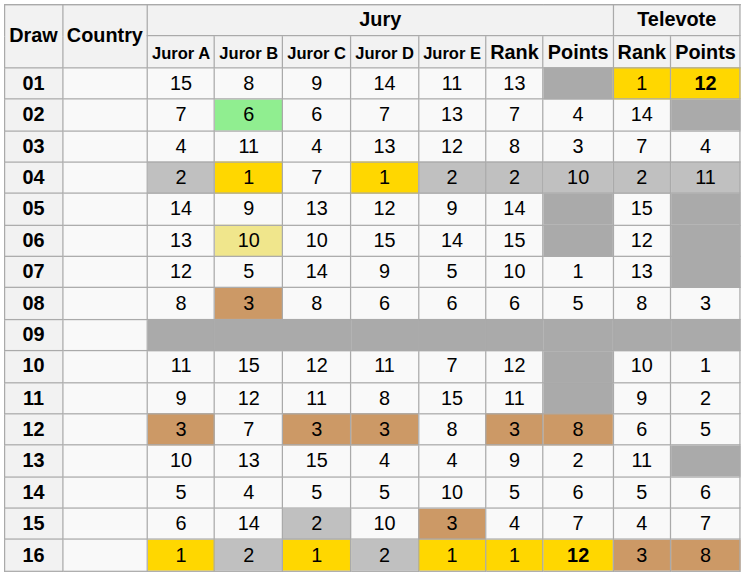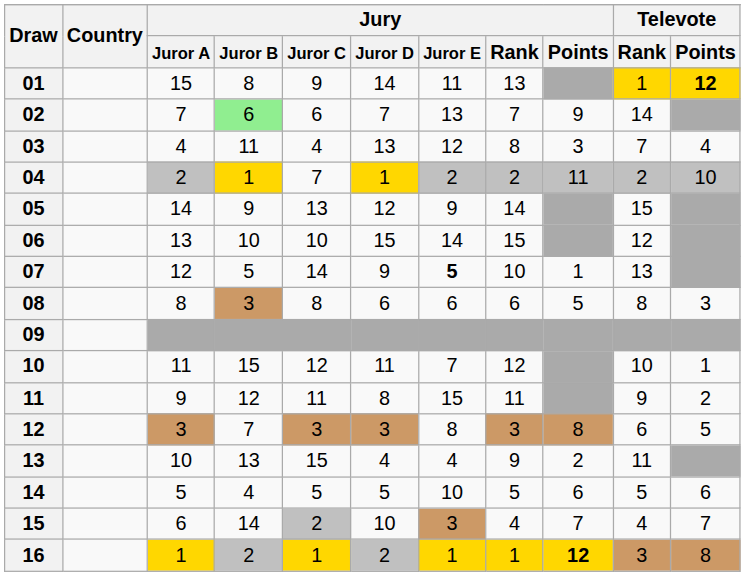 <table class="sortable wikitable collapsible plainrowheaders" style="text-align:center;">
 <tr>
 </tr>
 <tr>
 <th scope="col" rowspan="2">Draw</th>
 <th scope="col" rowspan="2">Country</th>
 <th scope="col" colspan="7">Jury</th>
 <th scope="col" colspan="2">Televote</th>
 </tr>
 <tr>
 <th scope="col"><small>Juror A</small></th>
 <th scope="col"><small>Juror B</small></th>
 <th scope="col"><small>Juror C</small></th>
 <th scope="col"><small>Juror D</small></th>
 <th scope="col"><small>Juror E</small></th>
 <th scope="col">Rank</th>
 <th scope="col">Points</th>
 <th scope="col">Rank</th>
 <th scope="col">Points</th>
 </tr>
 <tr>
 <th scope="row" style="text-align:center;">01</th>
 <td style="text-align:left;"></td>
 <td>15</td>
 <td>8</td>
 <td>9</td>
 <td>14</td>
 <td>11</td>
 <td>13</td>
 <td style="background:#AAAAAA;"></td>
 <td style="background:gold;">1</td>
 <td style="background:gold;"><strong>12</strong></td>
 </tr>
 <tr>
 <th scope="row" style="text-align:center;">02</th>
 <td style="text-align:left;"></td>
 <td>7</td>
 <td style="background: lightgreen;">6</td>
 <td>6</td>
 <td>7</td>
 <td>13</td>
 <td>7</td>
-<td>4</td>
+<td>9</td>
 <td>14</td>
 <td style="background:#AAAAAA;"></td>
 </tr>
 <tr>
 <th scope="row" style="text-align:center;">03</th>
 <td style="text-align:left;"></td>
 <td>4</td>
 <td>11</td>
 <td>4</td>
 <td>13</td>
 <td>12</td>
 <td>8</td>
 <td>3</td>
 <td>7</td>
 <td>4</td>
 </tr>
 <tr>
 <th scope="row" style="text-align:center;">04</th>
 <td style="text-align:left;"></td>
 <td style="background:silver;">2</td>
 <td style="background:gold;">1</td>
 <td>7</td>
 <td style="background:gold;">1</td>
 <td style="background:silver;">2</td>
 <td style="background:silver;">2</td>
+<td style="background:silver;">11</td>
+<td style="background:silver;">2</td>
 <td style="background:silver;">10</td>
-<td style="background:silver;">2</td>
-<td style="background:silver;">11</td>
 </tr>
 <tr>
 <th scope="row" style="text-align:center;">05</th>
 <td style="text-align:left;"></td>
 <td>14</td>
 <td>9</td>
 <td>13</td>
 <td>12</td>
 <td>9</td>
 <td>14</td>
 <td style="background:#AAAAAA;"></td>
 <td>15</td>
 <td style="background:#AAAAAA;"></td>
 </tr>
 <tr>
 <th scope="row" style="text-align:center;">06</th>
 <td style="text-align:left;"></td>
 <td>13</td>
-<td style="background: khaki;">10</td>
+<td>10</td>
 <td>10</td>
 <td>15</td>
 <td>14</td>
 <td>15</td>
 <td style="background:#AAAAAA;"></td>
 <td>12</td>
 <td style="background:#AAAAAA;"></td>
 </tr>
 <tr>
 <th scope="row" style="text-align:center;">07</th>
 <td style="text-align:left;"></td>
 <td>12</td>
 <td>5</td>
 <td>14</td>
 <td>9</td>
-<td>5</td>
+<td><strong>5</strong></td>
 <td>10</td>
 <td>1</td>
 <td>13</td>
 <td style="background:#AAAAAA;"></td>
 </tr>
 <tr>
 <th scope="row" style="text-align:center;">08</th>
 <td style="text-align:left;"></td>
 <td>8</td>
 <td style="background:#CC9966;">3</td>
 <td>8</td>
 <td>6</td>
 <td>6</td>
 <td>6</td>
 <td>5</td>
 <td>8</td>
 <td>3</td>
 </tr>
 <tr class="sortbottom">
 <th scope="row" style="text-align:center;">09</th>
 <td style="text-align:left;"></td>
 <td style="background:#AAAAAA;"></td>
 <td style="background:#AAAAAA;"></td>
 <td style="background:#AAAAAA;"></td>
 <td style="background:#AAAAAA;"></td>
 <td style="background:#AAAAAA;"></td>
 <td style="background:#AAAAAA;"></td>
 <td style="background:#AAAAAA;"></td>
 <td style="background:#AAAAAA;"></td>
 <td style="background:#AAAAAA;"></td>
 </tr>
 <tr>
 <th scope="row" style="text-align:center;">10</th>
 <td style="text-align:left;"></td>
 <td>11</td>
 <td>15</td>
 <td>12</td>
 <td>11</td>
 <td>7</td>
 <td>12</td>
 <td style="background:#AAAAAA;"></td>
 <td>10</td>
 <td>1</td>
 </tr>
 <tr>
 <th scope="row" style="text-align:center;">11</th>
 <td style="text-align:left;"></td>
 <td>9</td>
 <td>12</td>
 <td>11</td>
 <td>8</td>
 <td>15</td>
 <td>11</td>
 <td style="background:#AAAAAA;"></td>
 <td>9</td>
 <td>2</td>
 </tr>
 <tr>
 <th scope="row" style="text-align:center;">12</th>
 <td style="text-align:left;"></td>
 <td style="background:#CC9966;">3</td>
 <td>7</td>
 <td style="background:#CC9966;">3</td>
 <td style="background:#CC9966;">3</td>
 <td>8</td>
 <td style="background:#CC9966;">3</td>
 <td style="background:#CC9966;">8</td>
 <td>6</td>
 <td>5</td>
 </tr>
 <tr>
 <th scope="row" style="text-align:center;">13</th>
 <td style="text-align:left;"></td>
 <td>10</td>
 <td>13</td>
 <td>15</td>
 <td>4</td>
 <td>4</td>
 <td>9</td>
 <td>2</td>
 <td>11</td>
 <td style="background:#AAAAAA;"></td>
 </tr>
 <tr>
 <th scope="row" style="text-align:center;">14</th>
 <td style="text-align:left;"></td>
 <td>5</td>
 <td>4</td>
 <td>5</td>
 <td>5</td>
 <td>10</td>
 <td>5</td>
 <td>6</td>
 <td>5</td>
 <td>6</td>
 </tr>
 <tr>
 <th scope="row" style="text-align:center;">15</th>
 <td style="text-align:left;"></td>
 <td>6</td>
 <td>14</td>
 <td style="background:silver;">2</td>
 <td>10</td>
 <td style="background:#CC9966;">3</td>
 <td>4</td>
 <td>7</td>
 <td>4</td>
 <td>7</td>
 </tr>
 <tr>
 <th scope="row" style="text-align:center;">16</th>
 <td style="text-align:left;"></td>
 <td style="background:gold;">1</td>
 <td style="background:silver;">2</td>
 <td style="background:gold;">1</td>
 <td style="background:silver;">2</td>
 <td style="background:gold;">1</td>
 <td style="background:gold;">1</td>
 <td style="background:gold;"><strong>12</strong></td>
 <td style="background:#CC9966;">3</td>
 <td style="background:#CC9966;">8</td>
 </tr>
 </table>
